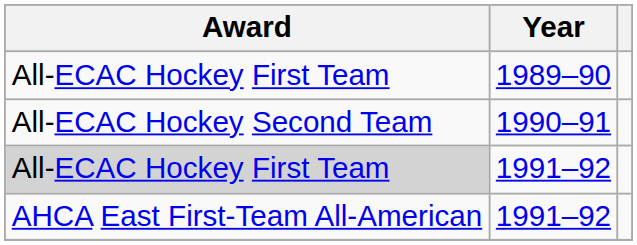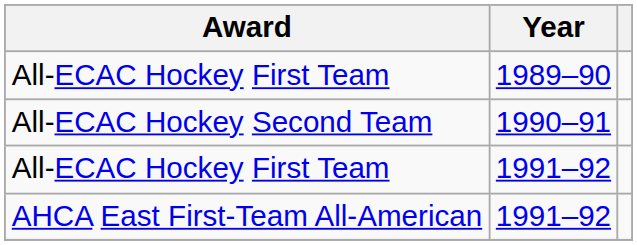 <table class="wikitable">
 <tr>
 <th>Award</th>
 <th>Year</th>
 <th></th>
 </tr>
 <tr>
 <td>All-<a href='#'>ECAC Hockey</a> <a href='#'>First Team</a></td>
 <td><a href='#'>1989–90</a></td>
 <td></td>
 </tr>
 <tr>
 <td>All-<a href='#'>ECAC Hockey</a> <a href='#'>Second Team</a></td>
 <td><a href='#'>1990–91</a></td>
 <td></td>
 </tr>
 <tr>
-<td style="background: lightgrey;">All-<a href='#'>ECAC Hockey</a> <a href='#'>First Team</a></td>
+<td>All-<a href='#'>ECAC Hockey</a> <a href='#'>First Team</a></td>
 <td><a href='#'>1991–92</a></td>
 <td></td>
 </tr>
 <tr>
 <td><a href='#'>AHCA</a> <a href='#'>East First-Team All-American</a></td>
 <td><a href='#'>1991–92</a></td>
 <td></td>
 </tr>
 <tr>
 </tr>
 </table>
